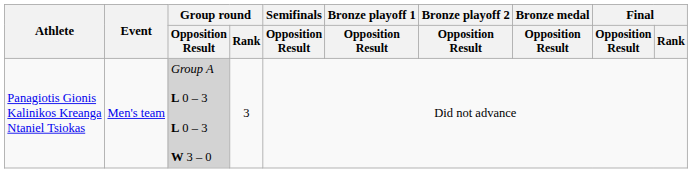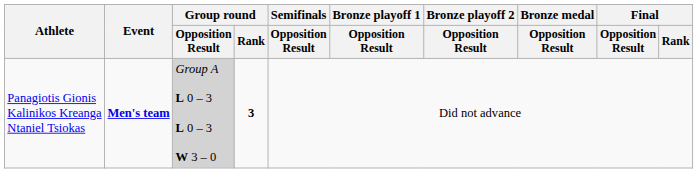 <table class="wikitable" style="font-size:90%">
 <tr>
 <th rowspan="2">Athlete</th>
 <th rowspan="2">Event</th>
 <th colspan="2">Group round</th>
 <th>Semifinals</th>
 <th>Bronze playoff 1</th>
 <th>Bronze playoff 2</th>
 <th>Bronze medal</th>
 <th colspan=2>Final</th>
 </tr>
 <tr style="font-size:95%">
 <th>Opposition<br>Result</th>
 <th>Rank</th>
 <th>Opposition<br>Result</th>
 <th>Opposition<br>Result</th>
 <th>Opposition<br>Result</th>
 <th>Opposition<br>Result</th>
 <th>Opposition<br>Result</th>
 <th>Rank</th>
 </tr>
 <tr align=center>
 <td align=left><a href='#'>Panagiotis Gionis</a><br><a href='#'>Kalinikos Kreanga</a><br><a href='#'>Ntaniel Tsiokas</a></td>
-<td align=left><a href='#'>Men's team</a></td>
+<td align=left><strong><a href='#'>Men's team</a></strong></td>
 <td align=left style="background: lightgrey;"><em>Group A</em><br><br><strong>L</strong> 0 – 3<br><br><strong>L</strong> 0 – 3<br><br><strong>W</strong> 3 – 0</td>
-<td>3</td>
+<td><strong>3</strong></td>
 <td colspan=6>Did not advance</td>
 </tr>
 </table>
